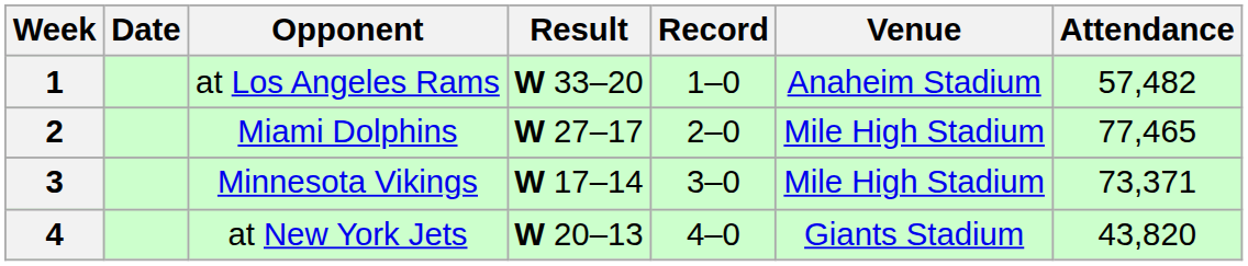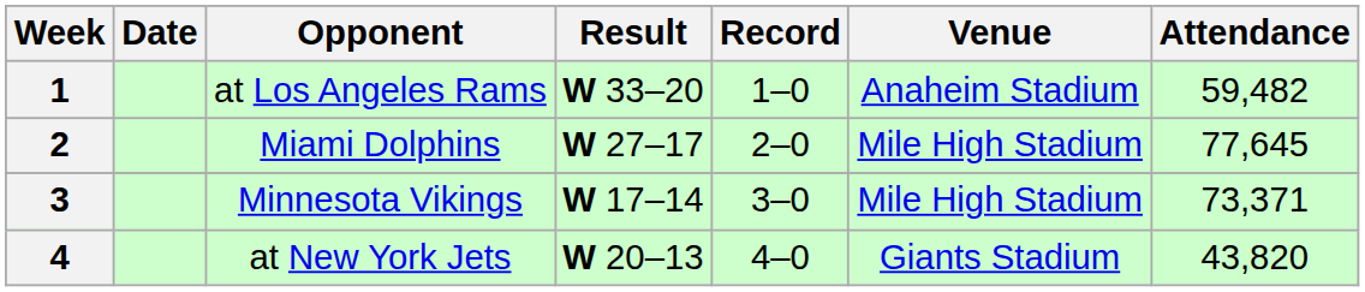 <table class="wikitable" style="text-align:center">
 <tr>
 <th>Week</th>
 <th>Date</th>
 <th>Opponent</th>
 <th>Result</th>
 <th>Record</th>
 <th>Venue</th>
 <th>Attendance</th>
 </tr>
 <tr style="background:#cfc">
 <th>1</th>
 <td></td>
 <td>at <a href='#'>Los Angeles Rams</a></td>
 <td><strong>W</strong> 33–20</td>
 <td>1–0</td>
 <td><a href='#'>Anaheim Stadium</a></td>
-<td>57,482</td>
+<td>59,482</td>
 </tr>
 <tr style="background:#cfc">
 <th>2</th>
 <td></td>
 <td><a href='#'>Miami Dolphins</a></td>
 <td><strong>W</strong> 27–17</td>
 <td>2–0</td>
 <td><a href='#'>Mile High Stadium</a></td>
-<td>77,465</td>
+<td>77,645</td>
 </tr>
 <tr style="background:#cfc">
 <th>3</th>
 <td></td>
 <td><a href='#'>Minnesota Vikings</a></td>
 <td><strong>W</strong> 17–14</td>
 <td>3–0</td>
 <td><a href='#'>Mile High Stadium</a></td>
 <td>73,371</td>
 </tr>
 <tr style="background:#cfc">
 <th>4</th>
 <td></td>
 <td>at <a href='#'>New York Jets</a></td>
 <td><strong>W</strong> 20–13</td>
 <td>4–0</td>
 <td><a href='#'>Giants Stadium</a></td>
 <td>43,820</td>
 </tr>
 </table>
